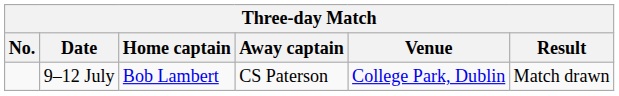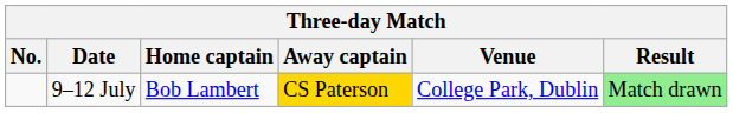 <table class="wikitable">
 <tr>
 <th colspan="9">Three-day Match</th>
 </tr>
 <tr>
 <th>No.</th>
 <th>Date</th>
 <th>Home captain</th>
 <th>Away captain</th>
 <th>Venue</th>
 <th>Result</th>
 </tr>
 <tr>
 <td></td>
 <td>9–12 July</td>
 <td><a href='#'>Bob Lambert</a></td>
-<td>CS Paterson</td>
+<td style="background: gold;">CS Paterson</td>
 <td><a href='#'>College Park, Dublin</a></td>
-<td>Match drawn</td>
+<td style="background: lightgreen;">Match drawn</td>
 </tr>
 </table>
